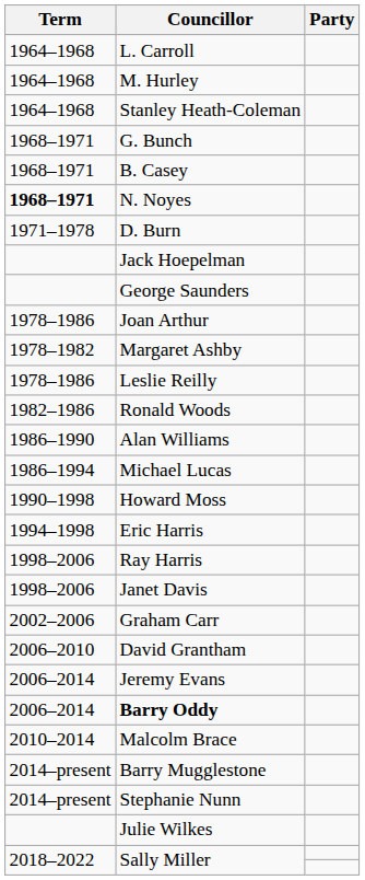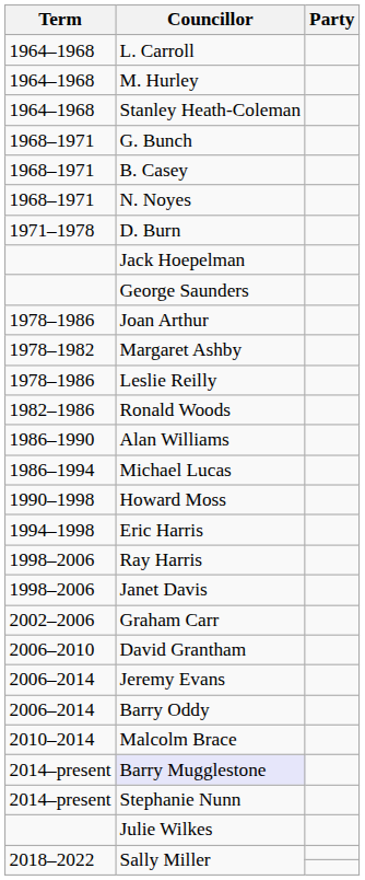 <table class="wikitable">
 <tr>
 <th>Term</th>
 <th>Councillor</th>
 <th colspan=2>Party</th>
 </tr>
 <tr>
 <td>1964–1968</td>
 <td>L. Carroll</td>
 <td></td>
 </tr>
 <tr>
 <td>1964–1968</td>
 <td>M. Hurley</td>
 <td></td>
 </tr>
 <tr>
 <td>1964–1968</td>
 <td>Stanley Heath-Coleman</td>
 <td></td>
 </tr>
 <tr>
 <td>1968–1971</td>
 <td>G. Bunch</td>
 <td></td>
 </tr>
 <tr>
 <td>1968–1971</td>
 <td>B. Casey</td>
 <td></td>
 </tr>
 <tr>
-<td><strong>1968–1971</strong></td>
+<td>1968–1971</td>
 <td>N. Noyes</td>
 <td></td>
 </tr>
 <tr>
 <td>1971–1978</td>
 <td>D. Burn</td>
 <td></td>
 </tr>
 <tr>
 <td></td>
 <td>Jack Hoepelman</td>
 <td></td>
 </tr>
 <tr>
 <td></td>
 <td>George Saunders</td>
 <td></td>
 </tr>
 <tr>
 <td>1978–1986</td>
 <td>Joan Arthur</td>
 <td></td>
 </tr>
 <tr>
 <td>1978–1982</td>
 <td>Margaret Ashby</td>
 <td></td>
 </tr>
 <tr>
 <td>1978–1986</td>
 <td>Leslie Reilly</td>
 <td></td>
 </tr>
 <tr>
 <td>1982–1986</td>
 <td>Ronald Woods</td>
 <td></td>
 </tr>
 <tr>
 <td>1986–1990</td>
 <td>Alan Williams</td>
 <td></td>
 </tr>
 <tr>
 <td>1986–1994</td>
 <td>Michael Lucas</td>
 <td></td>
 </tr>
 <tr>
 <td>1990–1998</td>
 <td>Howard Moss</td>
 <td></td>
 </tr>
 <tr>
 <td>1994–1998</td>
 <td>Eric Harris</td>
 <td></td>
 </tr>
 <tr>
 <td>1998–2006</td>
 <td>Ray Harris</td>
 <td></td>
 </tr>
 <tr>
 <td>1998–2006</td>
 <td>Janet Davis</td>
 <td></td>
 </tr>
 <tr>
 <td>2002–2006</td>
 <td>Graham Carr</td>
 <td></td>
 </tr>
 <tr>
 <td>2006–2010</td>
 <td>David Grantham</td>
 <td></td>
 </tr>
 <tr>
 <td>2006–2014</td>
 <td>Jeremy Evans</td>
 <td></td>
 </tr>
 <tr>
 <td>2006–2014</td>
-<td><strong>Barry Oddy</strong></td>
+<td>Barry Oddy</td>
 <td></td>
 </tr>
 <tr>
 <td>2010–2014</td>
 <td>Malcolm Brace</td>
 <td></td>
 </tr>
 <tr>
 <td>2014–present</td>
-<td>Barry Mugglestone</td>
+<td style="background: lavender;">Barry Mugglestone</td>
 <td></td>
 </tr>
 <tr>
 <td>2014–present</td>
 <td>Stephanie Nunn</td>
 <td></td>
 </tr>
 <tr>
 <td></td>
 <td>Julie Wilkes</td>
 <td></td>
 </tr>
 <tr>
 <td rowspan=2>2018–2022</td>
 <td rowspan=2>Sally Miller</td>
 <td></td>
 </tr>
 <tr>
 <td></td>
 </tr>
 </table>
